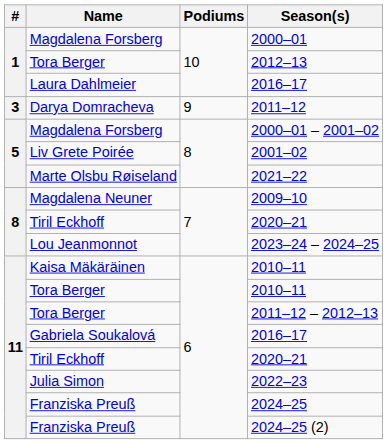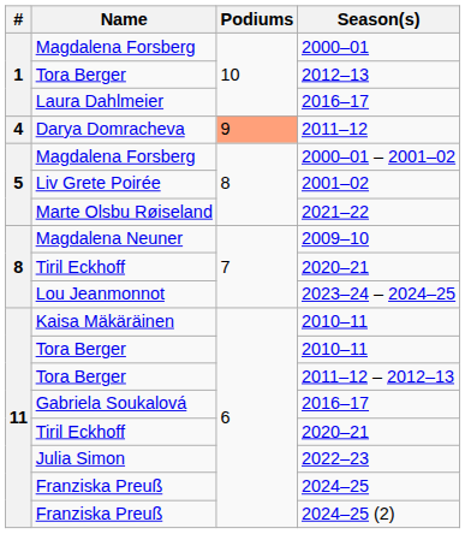 <table class="wikitable plainrowheaders" style="display:inline-table;">
 <tr>
 <th>#</th>
 <th>Name</th>
 <th>Podiums</th>
 <th>Season(s)</th>
 </tr>
 <tr>
 <th rowspan=3>1</th>
 <td style="text-align:left"> <a href='#'>Magdalena Forsberg</a></td>
 <td rowspan=3>10</td>
 <td><a href='#'>2000–01</a></td>
 </tr>
 <tr>
 <td style="text-align:left"> <a href='#'>Tora Berger</a></td>
 <td><a href='#'>2012–13</a></td>
 </tr>
 <tr>
 <td style="text-align:left"> <a href='#'>Laura Dahlmeier</a></td>
 <td><a href='#'>2016–17</a></td>
 </tr>
 <tr>
-<th>3</th>
+<th>4</th>
 <td style="text-align:left"> <a href='#'>Darya Domracheva</a></td>
-<td>9</td>
+<td style="background: lightsalmon;">9</td>
 <td><a href='#'>2011–12</a></td>
 </tr>
 <tr>
 <th rowspan=3>5</th>
 <td style="text-align:left"> <a href='#'>Magdalena Forsberg</a></td>
 <td rowspan=3>8</td>
 <td><a href='#'>2000–01</a> – <a href='#'>2001–02</a></td>
 </tr>
 <tr>
 <td style="text-align:left"> <a href='#'>Liv Grete Poirée</a></td>
 <td><a href='#'>2001–02</a></td>
 </tr>
 <tr>
 <td style="text-align:left"> <a href='#'>Marte Olsbu Røiseland</a></td>
 <td><a href='#'>2021–22</a></td>
 </tr>
 <tr>
 <th rowspan=3>8</th>
 <td style="text-align:left"> <a href='#'>Magdalena Neuner</a></td>
 <td rowspan=3>7</td>
 <td><a href='#'>2009–10</a></td>
 </tr>
 <tr>
 <td style="text-align:left"> <a href='#'>Tiril Eckhoff</a></td>
 <td><a href='#'>2020–21</a></td>
 </tr>
 <tr>
 <td style="text-align:left"> <a href='#'>Lou Jeanmonnot</a></td>
 <td><a href='#'>2023–24</a> – <a href='#'>2024–25</a></td>
 </tr>
 <tr>
 <th rowspan=8>11</th>
 <td style="text-align:left"> <a href='#'>Kaisa Mäkäräinen</a></td>
 <td rowspan=8>6</td>
 <td><a href='#'>2010–11</a></td>
 </tr>
 <tr>
 <td style="text-align:left"> <a href='#'>Tora Berger</a></td>
 <td><a href='#'>2010–11</a></td>
 </tr>
 <tr>
 <td style="text-align:left"> <a href='#'>Tora Berger</a></td>
 <td><a href='#'>2011–12</a> – <a href='#'>2012–13</a></td>
 </tr>
 <tr>
 <td style="text-align:left"> <a href='#'>Gabriela Soukalová</a></td>
 <td><a href='#'>2016–17</a></td>
 </tr>
 <tr>
 <td style="text-align:left"> <a href='#'>Tiril Eckhoff</a></td>
 <td><a href='#'>2020–21</a></td>
 </tr>
 <tr>
 <td style="text-align:left"> <a href='#'>Julia Simon</a></td>
 <td><a href='#'>2022–23</a></td>
 </tr>
 <tr>
 <td style="text-align:left"> <a href='#'>Franziska Preuß</a></td>
 <td><a href='#'>2024–25</a></td>
 </tr>
 <tr>
 <td style="text-align:left"> <a href='#'>Franziska Preuß</a></td>
 <td><a href='#'>2024–25</a> (2)</td>
 </tr>
 </table>
